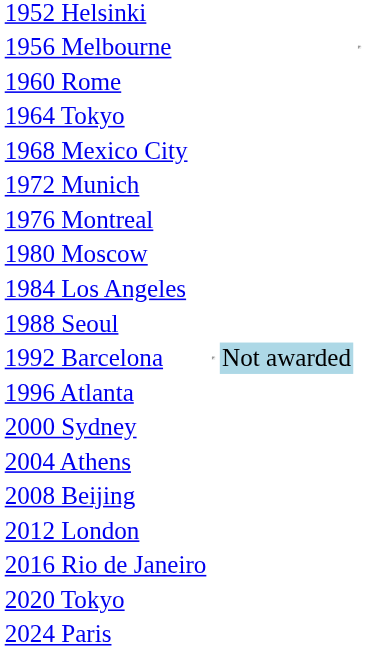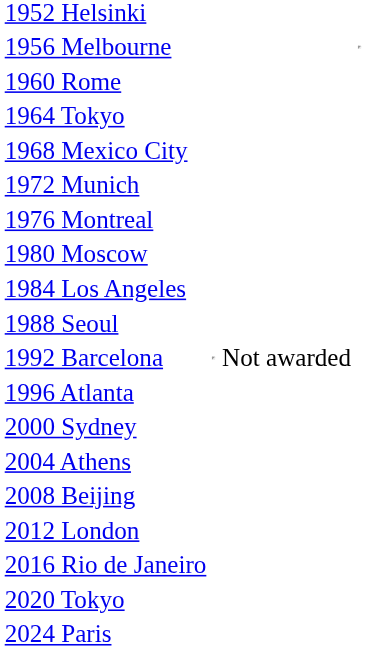 <table>
 <tr>
 <td><a href='#'>1952 Helsinki</a><br></td>
 <td></td>
 <td></td>
 <td></td>
 </tr>
 <tr>
 <td><a href='#'>1956 Melbourne</a><br></td>
 <td></td>
 <td></td>
 <td><hr></td>
 </tr>
 <tr>
 <td><a href='#'>1960 Rome</a><br></td>
 <td></td>
 <td></td>
 <td></td>
 </tr>
 <tr>
 <td><a href='#'>1964 Tokyo</a><br></td>
 <td></td>
 <td></td>
 <td></td>
 </tr>
 <tr>
 <td><a href='#'>1968 Mexico City</a><br></td>
 <td></td>
 <td></td>
 <td></td>
 </tr>
 <tr>
 <td><a href='#'>1972 Munich</a><br></td>
 <td></td>
 <td></td>
 <td></td>
 </tr>
 <tr>
 <td><a href='#'>1976 Montreal</a><br></td>
 <td></td>
 <td></td>
 <td></td>
 </tr>
 <tr>
 <td><a href='#'>1980 Moscow</a><br></td>
 <td></td>
 <td></td>
 <td></td>
 </tr>
 <tr>
 <td><a href='#'>1984 Los Angeles</a><br></td>
 <td></td>
 <td></td>
 <td></td>
 </tr>
 <tr>
 <td><a href='#'>1988 Seoul</a><br></td>
 <td></td>
 <td></td>
 <td></td>
 </tr>
 <tr>
 <td><a href='#'>1992 Barcelona</a><br></td>
 <td><hr></td>
-<td style="background: lightblue;">Not awarded</td>
+<td>Not awarded</td>
 <td></td>
 </tr>
 <tr>
 <td><a href='#'>1996 Atlanta</a><br></td>
 <td></td>
 <td></td>
 <td></td>
 </tr>
 <tr>
 <td><a href='#'>2000 Sydney</a><br></td>
 <td></td>
 <td></td>
 <td></td>
 </tr>
 <tr>
 <td><a href='#'>2004 Athens</a><br></td>
 <td></td>
 <td></td>
 <td></td>
 </tr>
 <tr>
 <td><a href='#'>2008 Beijing</a><br></td>
 <td></td>
 <td></td>
 <td></td>
 </tr>
 <tr>
 <td><a href='#'>2012 London</a><br></td>
 <td></td>
 <td></td>
 <td></td>
 </tr>
 <tr>
 <td><a href='#'>2016 Rio de Janeiro</a><br></td>
 <td></td>
 <td></td>
 <td></td>
 </tr>
 <tr>
 <td><a href='#'>2020 Tokyo</a><br></td>
 <td></td>
 <td></td>
 <td></td>
 </tr>
 <tr>
 <td><a href='#'>2024 Paris</a><br></td>
 <td></td>
 <td></td>
 <td></td>
 </tr>
 </table>
